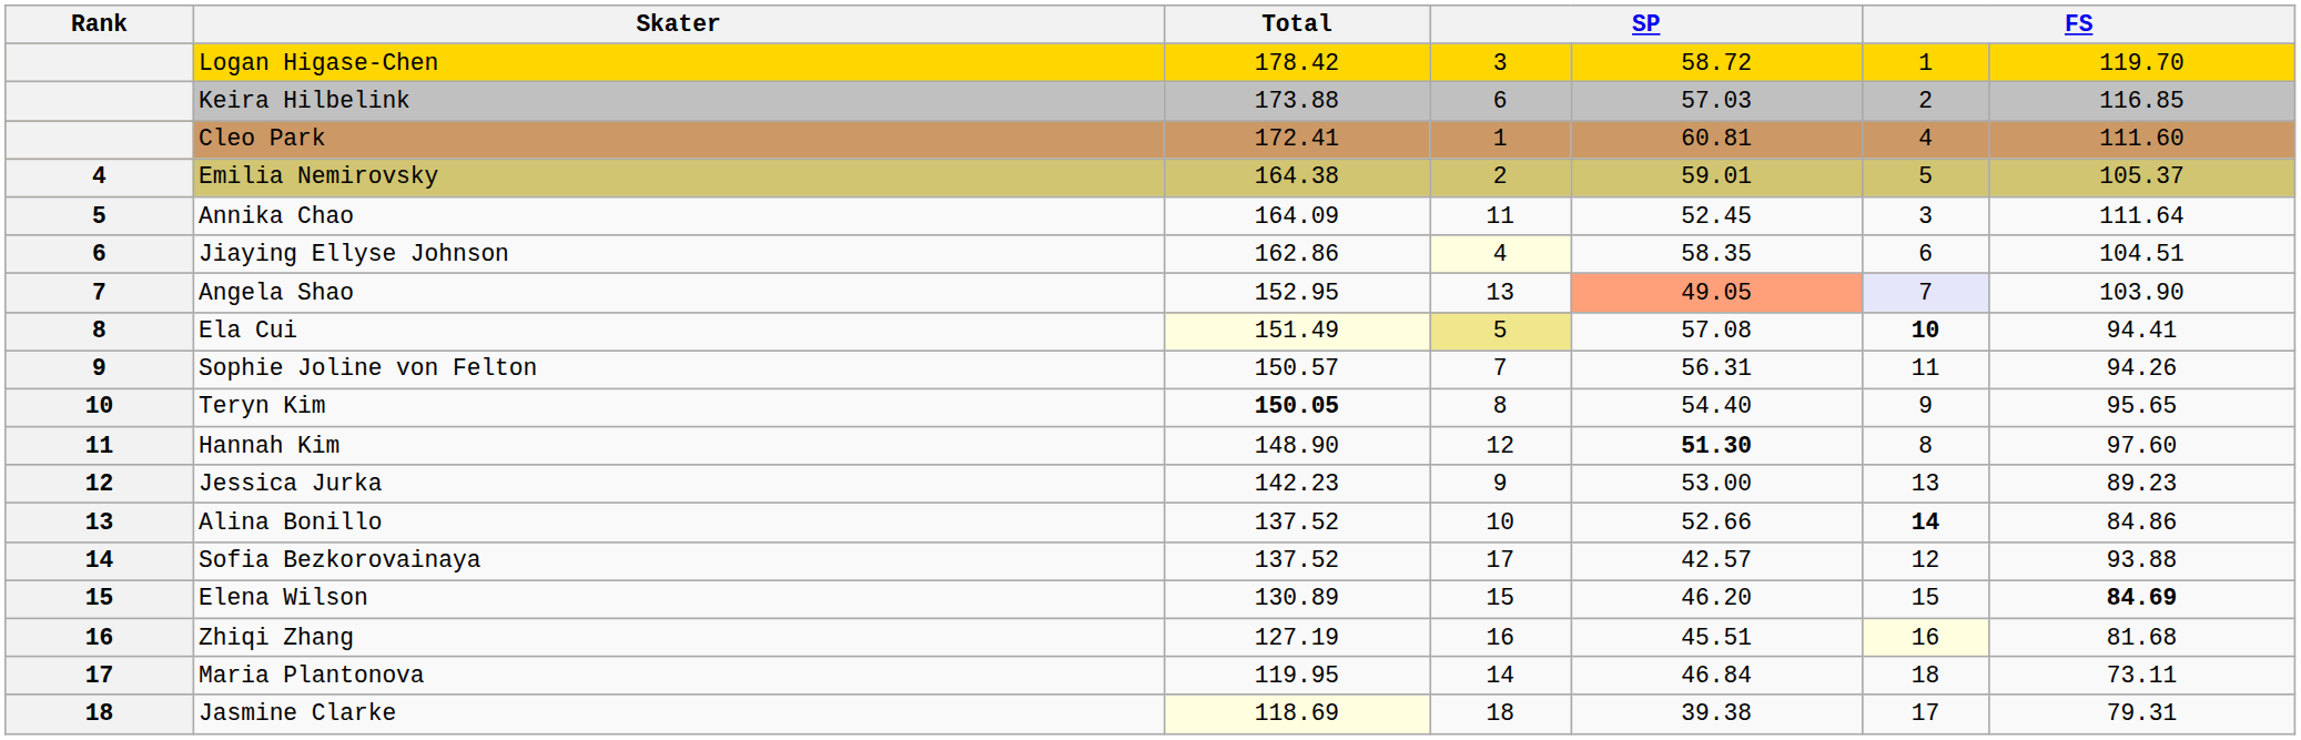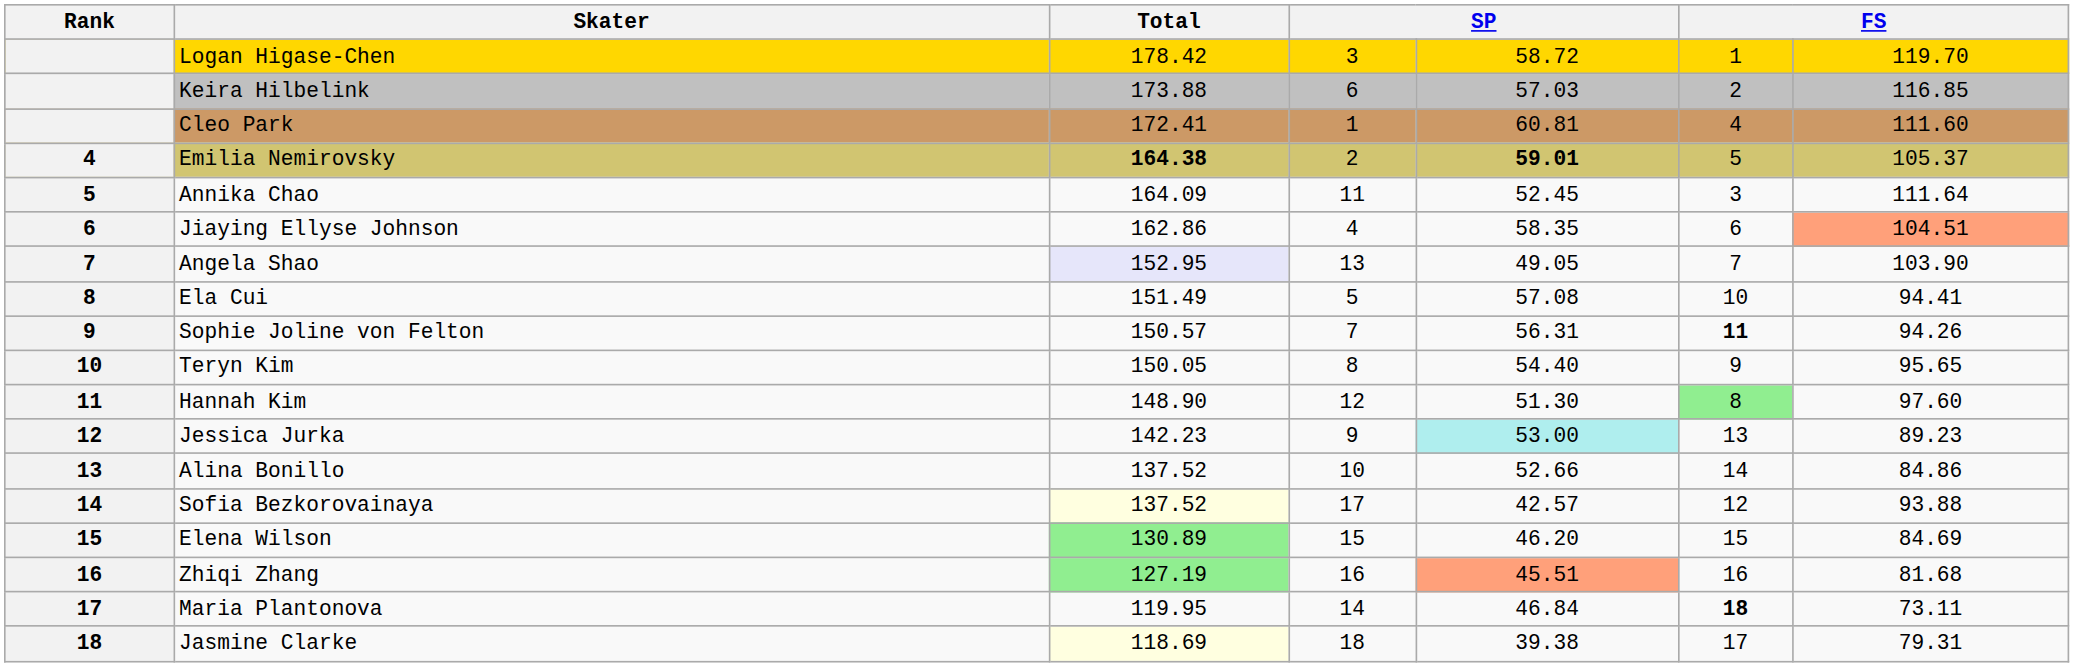 <table class="wikitable sortable" style="text-align:left; width:80%">
 <tr>
 <th scope="col">Rank</th>
 <th scope="col">Skater</th>
 <th scope="col">Total</th>
 <th scope="col" colspan="2" width="80px"><a href='#'>SP</a></th>
 <th scope="col" colspan="2" width="80px"><a href='#'>FS</a></th>
 </tr>
 <tr bgcolor="gold">
 <th scope="row"></th>
 <td>Logan Higase-Chen</td>
 <td align="center">178.42</td>
 <td align="center">3</td>
 <td align="center">58.72</td>
 <td align="center">1</td>
 <td align="center">119.70</td>
 </tr>
 <tr bgcolor="silver">
 <th scope="row"></th>
 <td>Keira Hilbelink</td>
 <td align="center">173.88</td>
 <td align="center">6</td>
 <td align="center">57.03</td>
 <td align="center">2</td>
 <td align="center">116.85</td>
 </tr>
 <tr bgcolor="cc9966">
 <th scope="row"></th>
 <td>Cleo Park</td>
 <td align="center">172.41</td>
 <td align="center">1</td>
 <td align="center">60.81</td>
 <td align="center">4</td>
 <td align="center">111.60</td>
 </tr>
 <tr bgcolor="#d1c571">
 <th scope="row">4</th>
 <td>Emilia Nemirovsky</td>
-<td align="center">164.38</td>
+<td align="center"><strong>164.38</strong></td>
 <td align="center">2</td>
-<td align="center">59.01</td>
+<td align="center"><strong>59.01</strong></td>
 <td align="center">5</td>
 <td align="center">105.37</td>
 </tr>
 <tr>
 <th scope="row">5</th>
 <td>Annika Chao</td>
 <td align="center">164.09</td>
 <td align="center">11</td>
 <td align="center">52.45</td>
 <td align="center">3</td>
 <td align="center">111.64</td>
 </tr>
 <tr>
 <th scope="row">6</th>
 <td>Jiaying Ellyse Johnson</td>
 <td align="center">162.86</td>
-<td align="center" style="background: lightyellow;">4</td>
+<td align="center">4</td>
 <td align="center">58.35</td>
 <td align="center">6</td>
-<td align="center">104.51</td>
+<td align="center" style="background: lightsalmon;">104.51</td>
 </tr>
 <tr>
 <th scope="row">7</th>
 <td>Angela Shao</td>
-<td align="center">152.95</td>
+<td align="center" style="background: lavender;">152.95</td>
 <td align="center">13</td>
-<td align="center" style="background: lightsalmon;">49.05</td>
-<td align="center" style="background: lavender;">7</td>
+<td align="center">49.05</td>
+<td align="center">7</td>
 <td align="center">103.90</td>
 </tr>
 <tr>
 <th scope="row">8</th>
 <td>Ela Cui</td>
-<td align="center" style="background: lightyellow;">151.49</td>
-<td align="center" style="background: khaki;">5</td>
+<td align="center">151.49</td>
+<td align="center">5</td>
 <td align="center">57.08</td>
-<td align="center"><strong>10</strong></td>
+<td align="center">10</td>
 <td align="center">94.41</td>
 </tr>
 <tr>
 <th scope="row">9</th>
 <td>Sophie Joline von Felton</td>
 <td align="center">150.57</td>
 <td align="center">7</td>
 <td align="center">56.31</td>
-<td align="center">11</td>
+<td align="center"><strong>11</strong></td>
 <td align="center">94.26</td>
 </tr>
 <tr>
 <th scope="row">10</th>
 <td>Teryn Kim</td>
-<td align="center"><strong>150.05</strong></td>
+<td align="center">150.05</td>
 <td align="center">8</td>
 <td align="center">54.40</td>
 <td align="center">9</td>
 <td align="center">95.65</td>
 </tr>
 <tr>
 <th scope="row">11</th>
 <td>Hannah Kim</td>
 <td align="center">148.90</td>
 <td align="center">12</td>
-<td align="center"><strong>51.30</strong></td>
-<td align="center">8</td>
+<td align="center">51.30</td>
+<td align="center" style="background: lightgreen;">8</td>
 <td align="center">97.60</td>
 </tr>
 <tr>
 <th scope="row">12</th>
 <td>Jessica Jurka</td>
 <td align="center">142.23</td>
 <td align="center">9</td>
-<td align="center">53.00</td>
+<td align="center" style="background: paleturquoise;">53.00</td>
 <td align="center">13</td>
 <td align="center">89.23</td>
 </tr>
 <tr>
 <th scope="row">13</th>
 <td>Alina Bonillo</td>
 <td align="center">137.52</td>
 <td align="center">10</td>
 <td align="center">52.66</td>
-<td align="center"><strong>14</strong></td>
+<td align="center">14</td>
 <td align="center">84.86</td>
 </tr>
 <tr>
 <th scope="row">14</th>
 <td>Sofia Bezkorovainaya</td>
-<td align="center">137.52</td>
+<td align="center" style="background: lightyellow;">137.52</td>
 <td align="center">17</td>
 <td align="center">42.57</td>
 <td align="center">12</td>
 <td align="center">93.88</td>
 </tr>
 <tr>
 <th scope="row">15</th>
 <td>Elena Wilson</td>
-<td align="center">130.89</td>
+<td align="center" style="background: lightgreen;">130.89</td>
 <td align="center">15</td>
 <td align="center">46.20</td>
 <td align="center">15</td>
-<td align="center"><strong>84.69</strong></td>
+<td align="center">84.69</td>
 </tr>
 <tr>
 <th scope="row">16</th>
 <td>Zhiqi Zhang</td>
-<td align="center">127.19</td>
+<td align="center" style="background: lightgreen;">127.19</td>
 <td align="center">16</td>
-<td align="center">45.51</td>
-<td align="center" style="background: lightyellow;">16</td>
+<td align="center" style="background: lightsalmon;">45.51</td>
+<td align="center">16</td>
 <td align="center">81.68</td>
 </tr>
 <tr>
 <th scope="row">17</th>
 <td>Maria Plantonova</td>
 <td align="center">119.95</td>
 <td align="center">14</td>
 <td align="center">46.84</td>
-<td align="center">18</td>
+<td align="center"><strong>18</strong></td>
 <td align="center">73.11</td>
 </tr>
 <tr>
 <th scope="row">18</th>
 <td>Jasmine Clarke</td>
 <td align="center" style="background: lightyellow;">118.69</td>
 <td align="center">18</td>
 <td align="center">39.38</td>
 <td align="center">17</td>
 <td align="center">79.31</td>
 </tr>
 </table>
